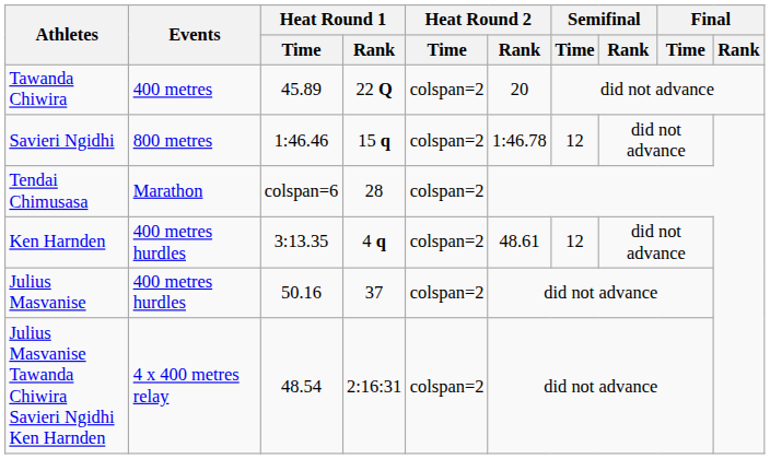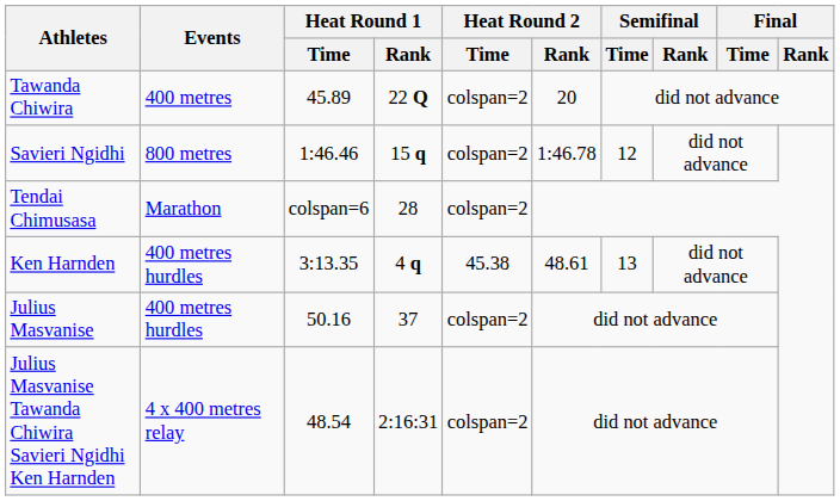 <table class=wikitable style=font-size:90%>
 <tr>
 <th rowspan=2>Athletes</th>
 <th rowspan=2>Events</th>
 <th colspan=2>Heat Round 1</th>
 <th colspan=2>Heat Round 2</th>
 <th colspan=2>Semifinal</th>
 <th colspan=2>Final</th>
 </tr>
 <tr>
 <th>Time</th>
 <th>Rank</th>
 <th>Time</th>
 <th>Rank</th>
 <th>Time</th>
 <th>Rank</th>
 <th>Time</th>
 <th>Rank</th>
 </tr>
 <tr>
 <td><a href='#'>Tawanda Chiwira</a></td>
 <td><a href='#'>400 metres</a></td>
 <td align=center>45.89</td>
 <td align=center>22 <strong>Q</strong></td>
 <td>colspan=2 </td>
 <td align=center>20</td>
 <td align=center colspan=6>did not advance</td>
 </tr>
 <tr>
 <td><a href='#'>Savieri Ngidhi</a></td>
 <td><a href='#'>800 metres</a></td>
 <td align=center>1:46.46</td>
 <td align=center>15 <strong>q</strong></td>
 <td>colspan=2 </td>
 <td align=center>1:46.78</td>
 <td align=center>12</td>
 <td align=center colspan=2>did not advance</td>
 </tr>
 <tr>
 <td><a href='#'>Tendai Chimusasa</a></td>
 <td><a href='#'>Marathon</a></td>
 <td>colspan=6 </td>
 <td align=center>28</td>
 <td>colspan=2 </td>
 </tr>
 <tr>
 <td><a href='#'>Ken Harnden</a></td>
 <td><a href='#'>400 metres hurdles</a></td>
 <td align=center>3:13.35</td>
 <td align=center>4 <strong>q</strong></td>
-<td>colspan=2 </td>
+<td align=center>45.38</td>
 <td align=center>48.61</td>
-<td align=center>12</td>
+<td align=center>13</td>
 <td align=center colspan=2>did not advance</td>
 </tr>
 <tr>
 <td><a href='#'>Julius Masvanise</a></td>
 <td><a href='#'>400 metres hurdles</a></td>
 <td align=center>50.16</td>
 <td align=center>37</td>
 <td>colspan=2 </td>
 <td align=center colspan=4>did not advance</td>
 </tr>
 <tr>
 <td><a href='#'>Julius Masvanise</a><br><a href='#'>Tawanda Chiwira</a><br><a href='#'>Savieri Ngidhi</a><br><a href='#'>Ken Harnden</a></td>
 <td><a href='#'>4 x 400 metres relay</a></td>
 <td align=center>48.54</td>
 <td align=center>2:16:31</td>
 <td>colspan=2 </td>
 <td align=center colspan=4>did not advance</td>
 </tr>
 </table>
